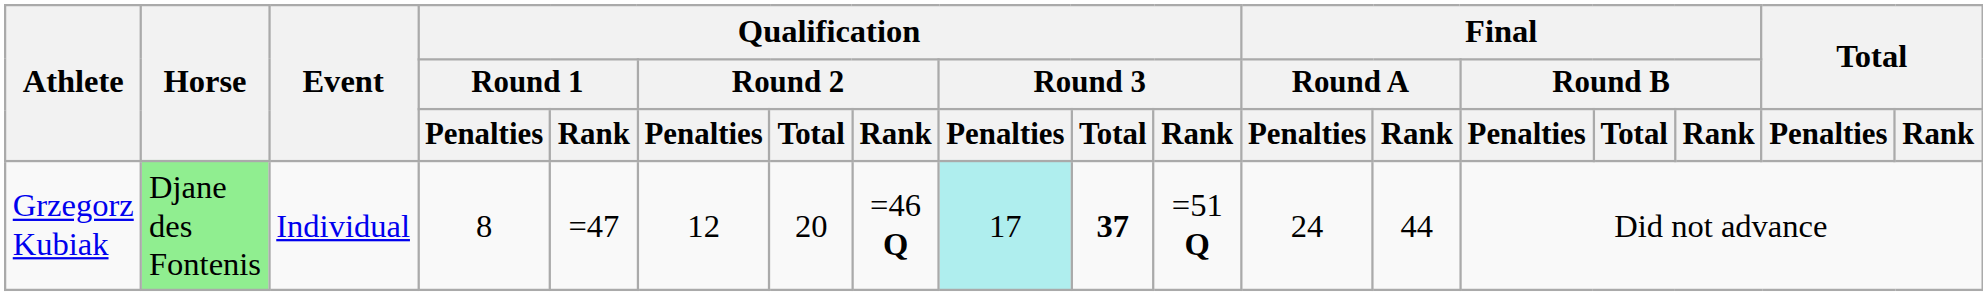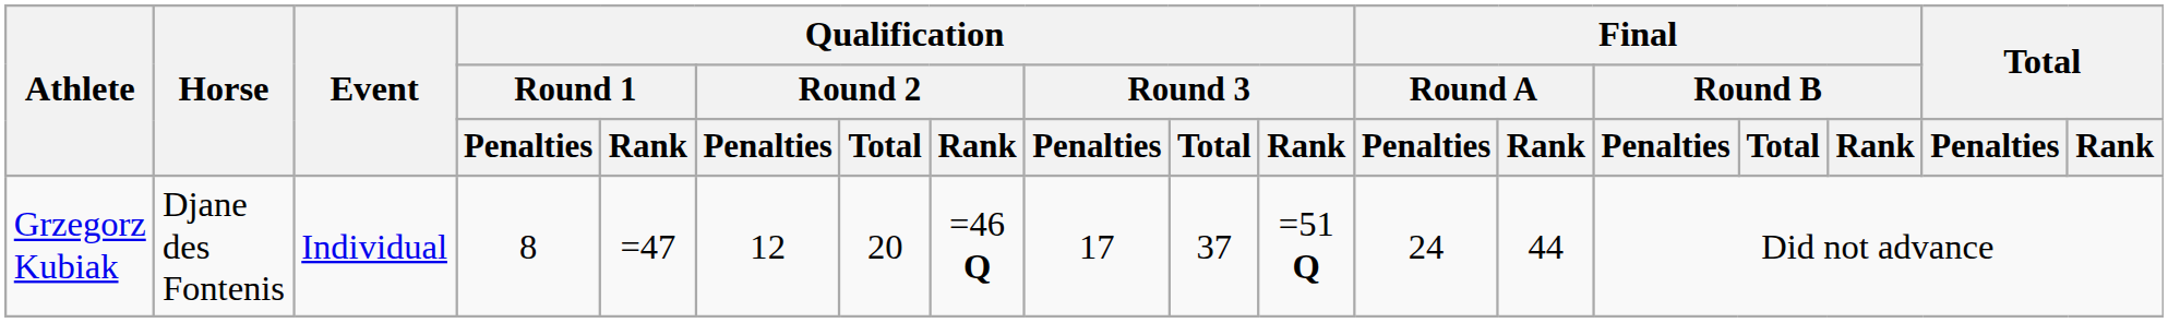 <table class="wikitable" style="font-size:90%">
 <tr>
 <th rowspan="3">Athlete</th>
 <th rowspan="3">Horse</th>
 <th rowspan="3">Event</th>
 <th colspan="8">Qualification</th>
 <th colspan="5">Final</th>
 <th rowspan=2 colspan="2">Total</th>
 </tr>
 <tr style="font-size:95%">
 <th colspan="2">Round 1</th>
 <th colspan="3">Round 2</th>
 <th colspan="3">Round 3</th>
 <th colspan="2">Round A</th>
 <th colspan="3">Round B</th>
 </tr>
 <tr style="font-size:95%">
 <th>Penalties</th>
 <th>Rank</th>
 <th>Penalties</th>
 <th>Total</th>
 <th>Rank</th>
 <th>Penalties</th>
 <th>Total</th>
 <th>Rank</th>
 <th>Penalties</th>
 <th>Rank</th>
 <th>Penalties</th>
 <th>Total</th>
 <th>Rank</th>
 <th>Penalties</th>
 <th>Rank</th>
 </tr>
 <tr align=center>
 <td align=left><a href='#'>Grzegorz Kubiak</a></td>
-<td align=left style="background: lightgreen;">Djane des Fontenis</td>
+<td align=left>Djane des Fontenis</td>
 <td align=left><a href='#'>Individual</a></td>
 <td>8</td>
 <td>=47</td>
 <td>12</td>
 <td>20</td>
 <td>=46 <strong>Q</strong></td>
-<td style="background: paleturquoise;">17</td>
-<td><strong>37</strong></td>
+<td>17</td>
+<td>37</td>
 <td>=51 <strong>Q</strong></td>
 <td>24</td>
 <td>44</td>
 <td colspan=5>Did not advance</td>
 </tr>
 </table>
